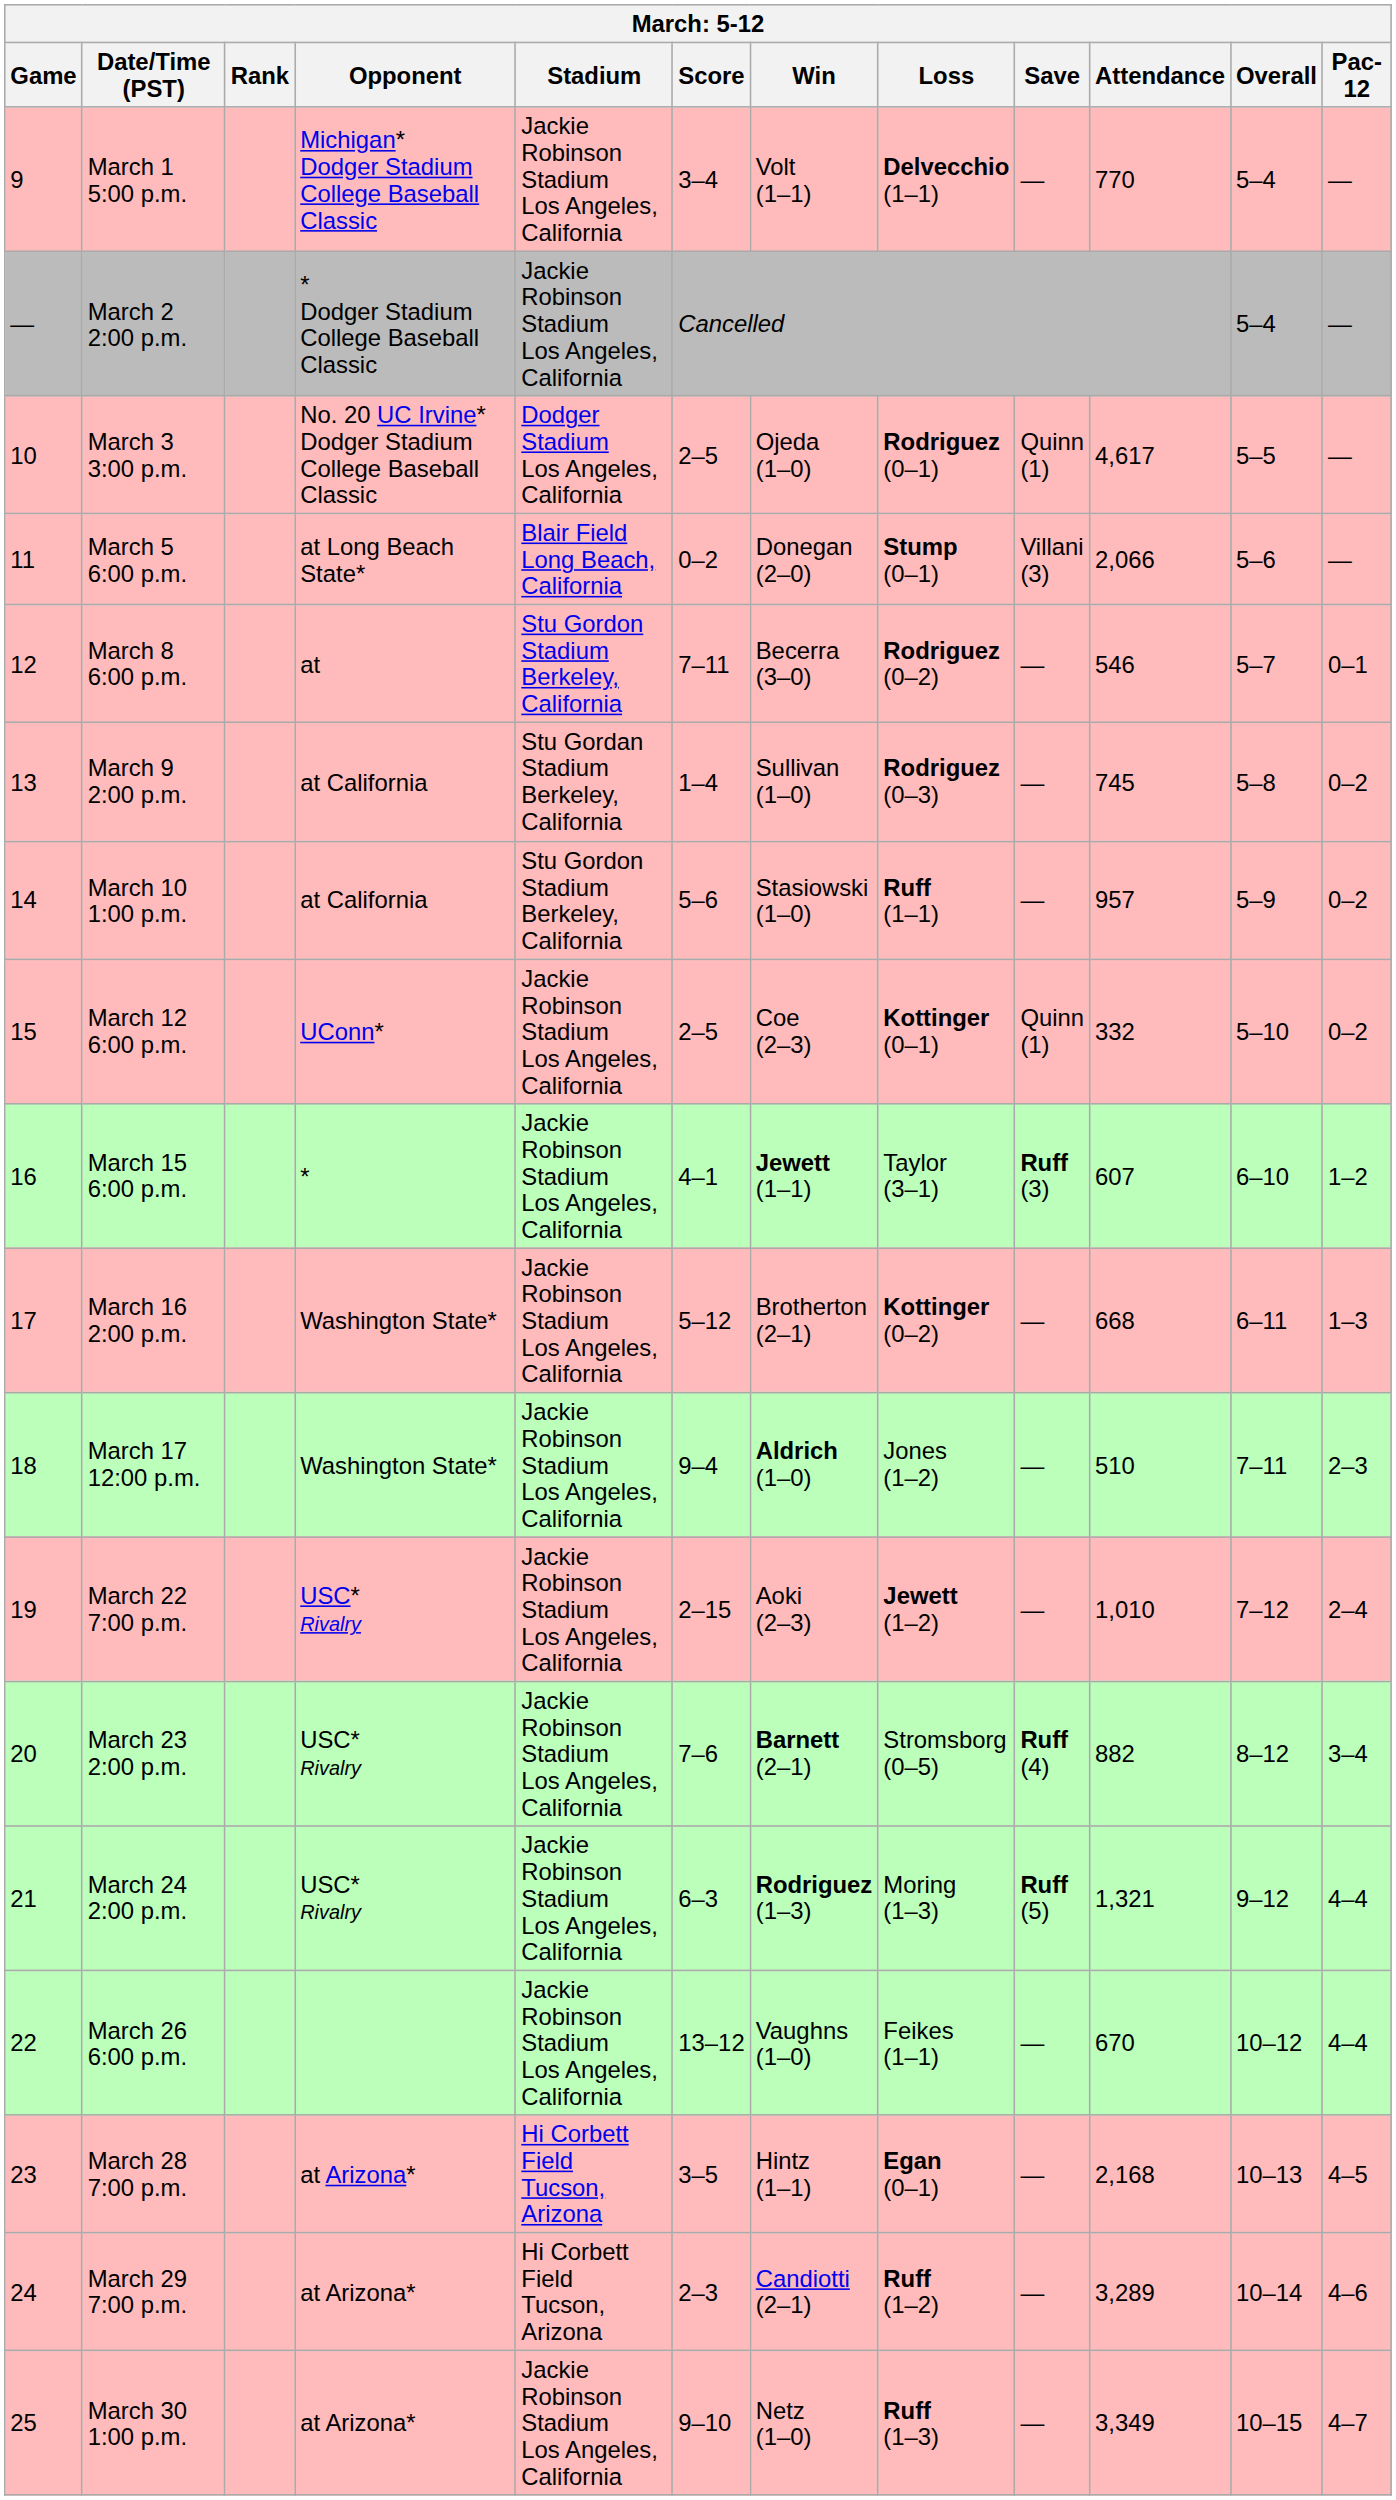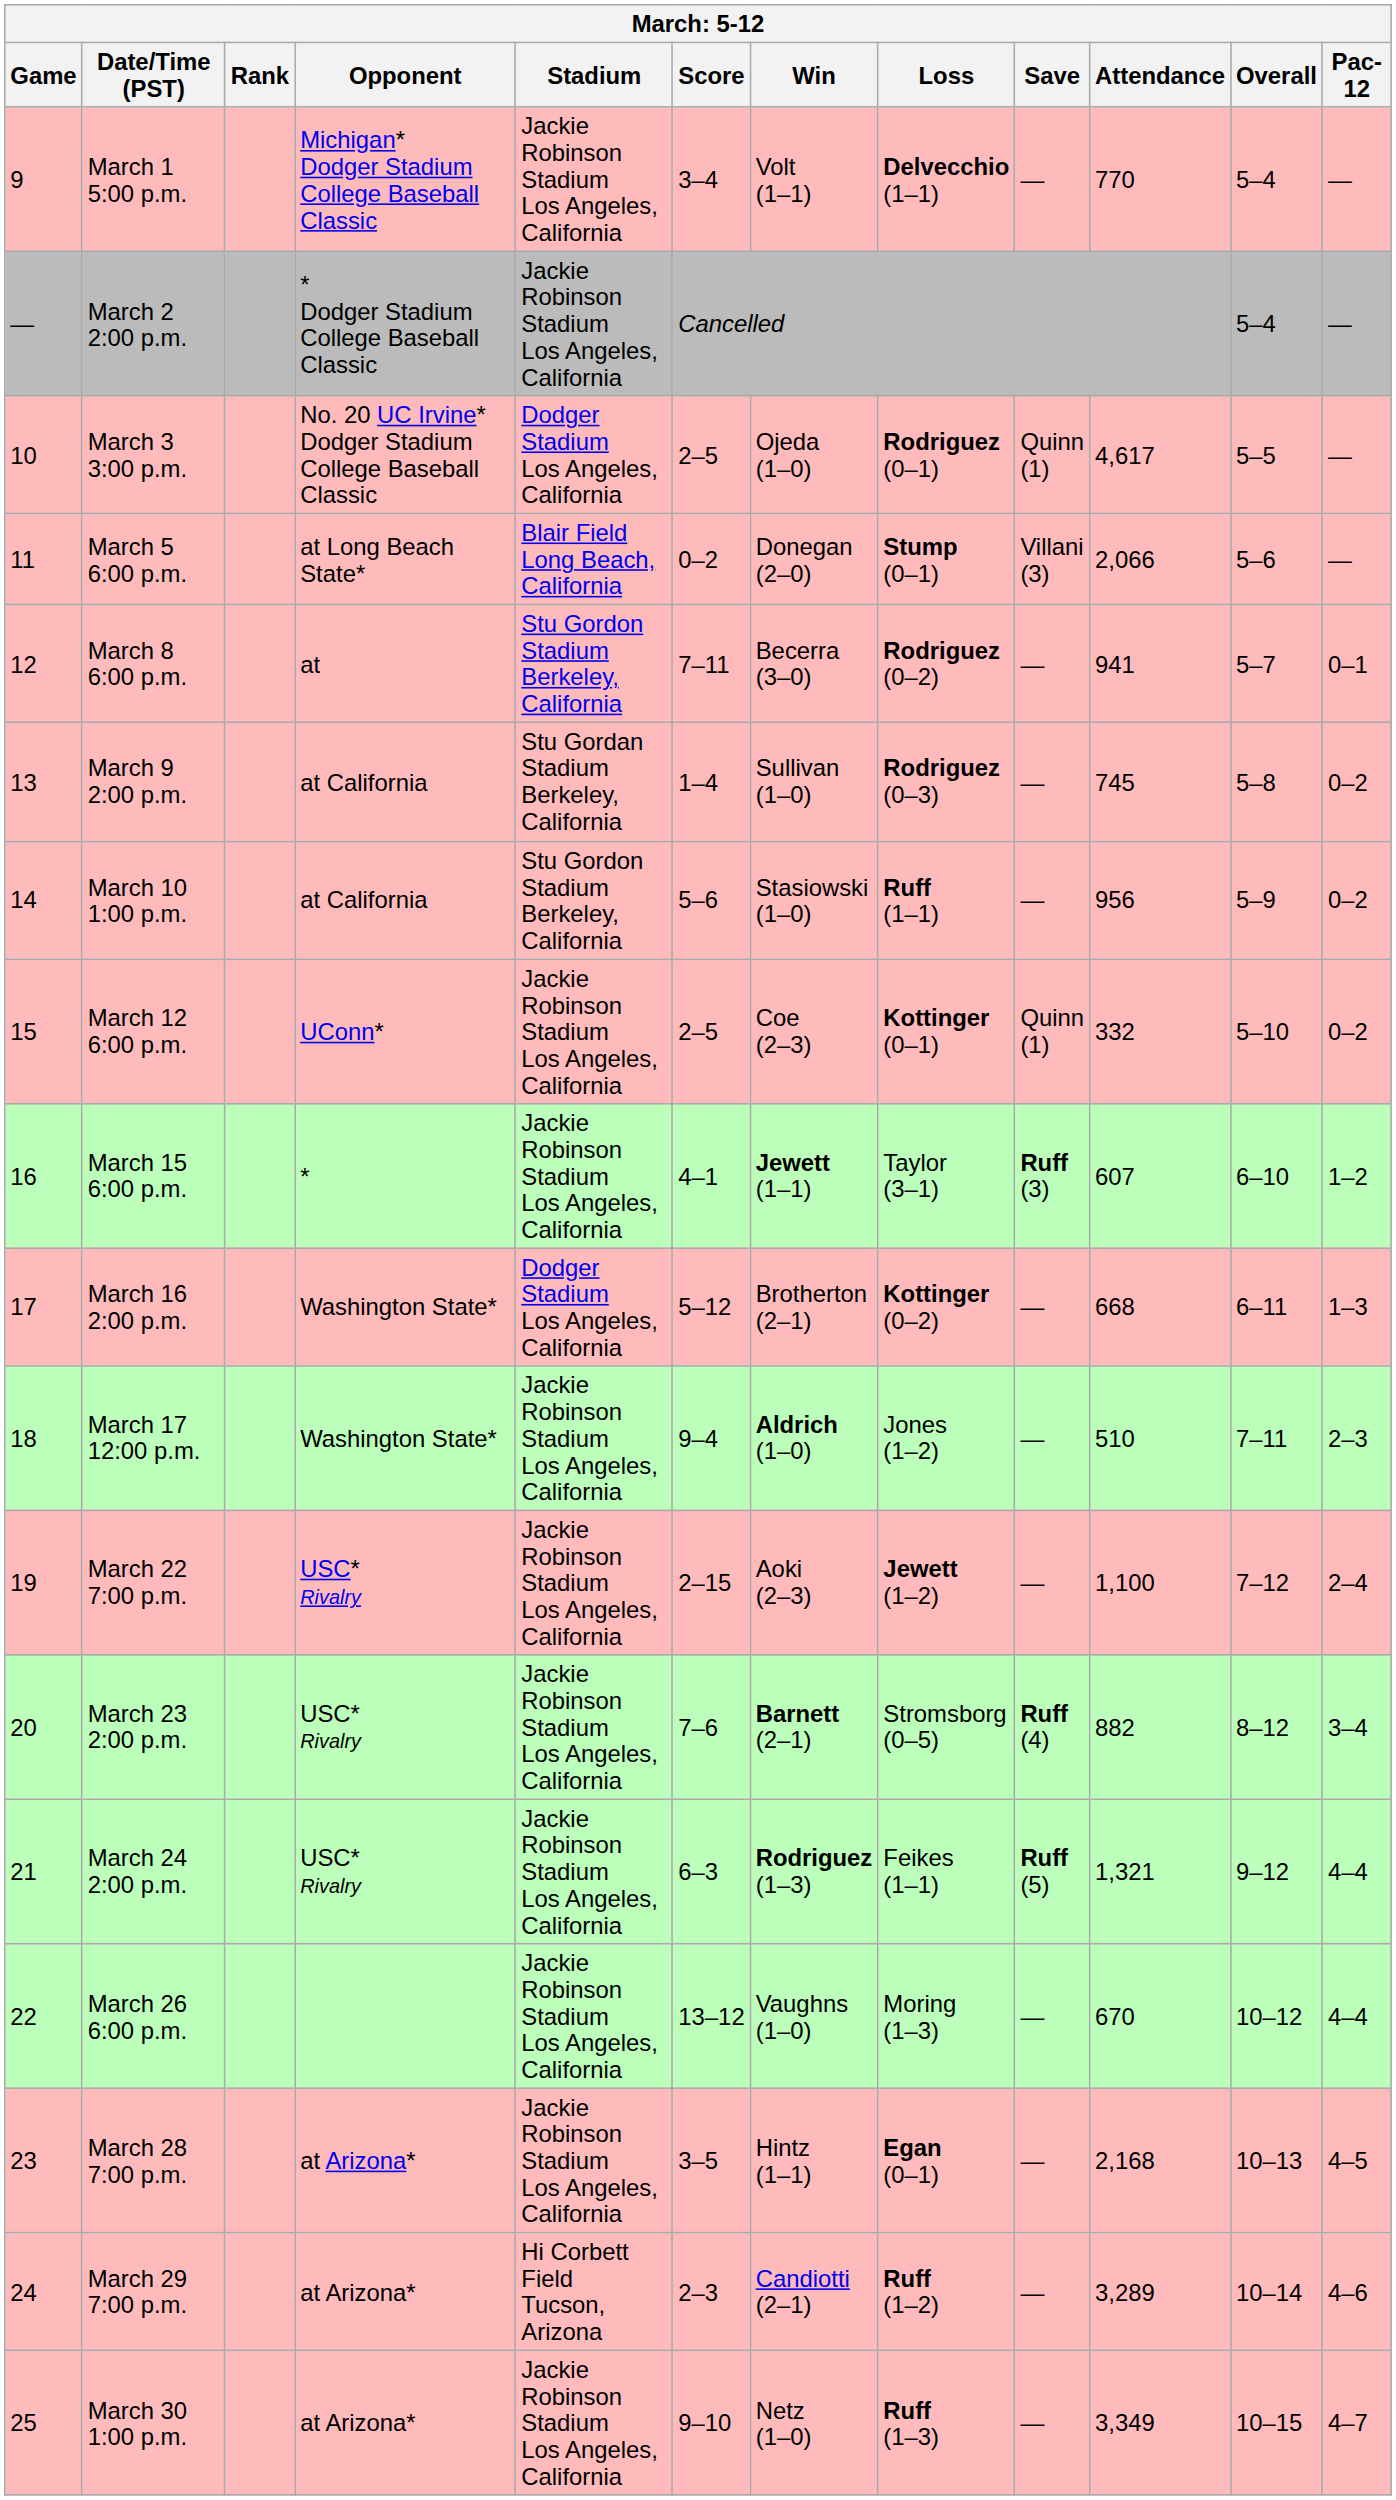 <table class="wikitable collapsible collapsed" style="margin:auto; font-size:95%; width:100%">
 <tr>
 <th colspan=12>March: 5-12</th>
 </tr>
 <tr>
 <th>Game</th>
 <th>Date/Time (PST)</th>
 <th>Rank</th>
 <th>Opponent</th>
 <th>Stadium</th>
 <th>Score</th>
 <th>Win</th>
 <th>Loss</th>
 <th>Save</th>
 <th>Attendance</th>
 <th>Overall</th>
 <th>Pac-12</th>
 </tr>
 <tr style="background:#fbb;">
 <td>9</td>
 <td>March 1<br>5:00 p.m.</td>
 <td></td>
 <td><a href='#'>Michigan</a>*<br><a href='#'>Dodger Stadium College Baseball Classic</a></td>
 <td>Jackie Robinson Stadium<br>Los Angeles, California</td>
 <td>3–4</td>
 <td>Volt<br>(1–1)</td>
 <td><strong>Delvecchio</strong><br>(1–1)</td>
 <td>—</td>
 <td>770</td>
 <td>5–4</td>
 <td>—</td>
 </tr>
 <tr style="background:#bbbbbb;">
 <td>—</td>
 <td>March 2<br>2:00 p.m.</td>
 <td></td>
 <td>*<br>Dodger Stadium College Baseball Classic</td>
 <td>Jackie Robinson Stadium<br>Los Angeles, California</td>
 <td colspan="5"><em>Cancelled</em> <br></td>
 <td>5–4</td>
 <td>—</td>
 </tr>
 <tr style="background:#fbb;">
 <td>10</td>
 <td>March 3<br>3:00 p.m.</td>
 <td></td>
 <td>No. 20 <a href='#'>UC Irvine</a>*<br>Dodger Stadium College Baseball Classic</td>
 <td><a href='#'>Dodger Stadium</a><br>Los Angeles, California</td>
 <td>2–5</td>
 <td>Ojeda <br>(1–0)</td>
 <td><strong>Rodriguez</strong> <br>(0–1)</td>
 <td>Quinn<br>(1)</td>
 <td>4,617</td>
 <td>5–5</td>
 <td>—</td>
 </tr>
 <tr style="background:#fbb;">
 <td>11</td>
 <td>March 5<br>6:00 p.m.</td>
 <td></td>
 <td>at Long Beach State*</td>
 <td><a href='#'>Blair Field</a><br><a href='#'>Long Beach, California</a></td>
 <td>0–2</td>
 <td>Donegan<br>(2–0)</td>
 <td><strong>Stump</strong><br>(0–1)</td>
 <td>Villani<br>(3)</td>
 <td>2,066</td>
 <td>5–6</td>
 <td>—</td>
 </tr>
 <tr style="background:#fbb;">
 <td>12</td>
 <td>March 8<br>6:00 p.m.</td>
 <td></td>
 <td>at </td>
 <td><a href='#'>Stu Gordon Stadium</a><br><a href='#'>Berkeley, California</a></td>
 <td>7–11</td>
 <td>Becerra<br>(3–0)</td>
 <td><strong>Rodriguez</strong><br>(0–2)</td>
 <td>—</td>
-<td>546</td>
+<td>941</td>
 <td>5–7</td>
 <td>0–1</td>
 </tr>
 <tr style="background:#fbb;">
 <td>13</td>
 <td>March 9<br>2:00 p.m.</td>
 <td></td>
 <td>at California</td>
 <td>Stu Gordan Stadium<br>Berkeley, California</td>
 <td>1–4</td>
 <td>Sullivan<br>(1–0)</td>
 <td><strong>Rodriguez</strong><br>(0–3)</td>
 <td>—</td>
 <td>745</td>
 <td>5–8</td>
 <td>0–2</td>
 </tr>
 <tr style="background:#fbb;">
 <td>14</td>
 <td>March 10<br>1:00 p.m.</td>
 <td></td>
 <td>at California</td>
 <td>Stu Gordon Stadium<br>Berkeley, California</td>
 <td>5–6</td>
 <td>Stasiowski<br>(1–0)</td>
 <td><strong>Ruff</strong><br>(1–1)</td>
 <td>—</td>
-<td>957</td>
+<td>956</td>
 <td>5–9</td>
 <td>0–2</td>
 </tr>
 <tr style="background:#fbb;">
 <td>15</td>
 <td>March 12<br>6:00 p.m.</td>
 <td></td>
 <td><a href='#'>UConn</a>*</td>
 <td>Jackie Robinson Stadium<br>Los Angeles, California</td>
 <td>2–5</td>
 <td>Coe<br>(2–3)</td>
 <td><strong>Kottinger</strong><br>(0–1)</td>
 <td>Quinn<br>(1)</td>
 <td>332</td>
 <td>5–10</td>
 <td>0–2</td>
 </tr>
 <tr style="background:#bfb;">
 <td>16</td>
 <td>March 15<br>6:00 p.m.</td>
 <td></td>
 <td>*</td>
 <td>Jackie Robinson Stadium<br>Los Angeles, California</td>
 <td>4–1</td>
 <td><strong>Jewett</strong><br>(1–1)</td>
 <td>Taylor<br>(3–1)</td>
 <td><strong>Ruff</strong><br>(3)</td>
 <td>607</td>
 <td>6–10</td>
 <td>1–2</td>
 </tr>
 <tr style="background:#fbb;">
 <td>17</td>
 <td>March 16<br>2:00 p.m.</td>
 <td></td>
 <td>Washington State*</td>
-<td>Jackie Robinson Stadium<br>Los Angeles, California</td>
+<td><a href='#'>Dodger Stadium</a><br>Los Angeles, California</td>
 <td>5–12</td>
 <td>Brotherton<br>(2–1)</td>
 <td><strong>Kottinger</strong><br>(0–2)</td>
 <td>—</td>
 <td>668</td>
 <td>6–11</td>
 <td>1–3</td>
 </tr>
 <tr style="background:#bfb;">
 <td>18</td>
 <td>March 17<br>12:00 p.m.</td>
 <td></td>
 <td>Washington State*</td>
 <td>Jackie Robinson Stadium<br>Los Angeles, California</td>
 <td>9–4</td>
 <td><strong>Aldrich</strong><br>(1–0)</td>
 <td>Jones<br>(1–2)</td>
 <td>—</td>
 <td>510</td>
 <td>7–11</td>
 <td>2–3</td>
 </tr>
 <tr style="background:#fbb;">
 <td>19</td>
 <td>March 22<br>7:00 p.m.</td>
 <td></td>
 <td><a href='#'>USC</a>*<br><em><small><a href='#'>Rivalry</a></small></em><br></td>
 <td>Jackie Robinson Stadium<br>Los Angeles, California</td>
 <td>2–15</td>
 <td>Aoki<br>(2–3)</td>
 <td><strong>Jewett</strong><br>(1–2)</td>
 <td>—</td>
-<td>1,010</td>
+<td>1,100</td>
 <td>7–12</td>
 <td>2–4</td>
 </tr>
 <tr style="background:#bfb;">
 <td>20</td>
 <td>March 23<br>2:00 p.m.</td>
 <td></td>
 <td>USC*<br><em><small>Rivalry</small></em><br></td>
 <td>Jackie Robinson Stadium<br>Los Angeles, California</td>
 <td>7–6</td>
 <td><strong>Barnett</strong><br>(2–1)</td>
 <td>Stromsborg<br>(0–5)</td>
 <td><strong>Ruff</strong><br>(4)</td>
 <td>882</td>
 <td>8–12</td>
 <td>3–4</td>
 </tr>
 <tr style="background:#bfb;">
 <td>21</td>
 <td>March 24<br>2:00 p.m.</td>
 <td></td>
 <td>USC*<br><em><small>Rivalry</small></em><br></td>
 <td>Jackie Robinson Stadium<br>Los Angeles, California</td>
 <td>6–3</td>
 <td><strong>Rodriguez</strong><br>(1–3)</td>
-<td>Moring <br>(1–3)</td>
+<td>Feikes<br>(1–1)</td>
 <td><strong>Ruff</strong><br>(5)</td>
 <td>1,321</td>
 <td>9–12</td>
 <td>4–4</td>
 </tr>
 <tr style="background:#bfb;">
 <td>22</td>
 <td>March 26<br>6:00 p.m.</td>
 <td></td>
 <td></td>
 <td>Jackie Robinson Stadium<br>Los Angeles, California</td>
 <td>13–12</td>
 <td>Vaughns<br>(1–0)</td>
-<td>Feikes<br>(1–1)</td>
+<td>Moring <br>(1–3)</td>
 <td>—</td>
 <td>670</td>
 <td>10–12</td>
 <td>4–4</td>
 </tr>
 <tr style="background:#fbb;">
 <td>23</td>
 <td>March 28<br>7:00 p.m.</td>
 <td></td>
 <td>at <a href='#'>Arizona</a>*</td>
-<td><a href='#'>Hi Corbett Field</a><br><a href='#'>Tucson, Arizona</a></td>
+<td>Jackie Robinson Stadium<br>Los Angeles, California</td>
 <td>3–5</td>
 <td>Hintz<br>(1–1)</td>
 <td><strong>Egan</strong> <br>(0–1)</td>
 <td>—</td>
 <td>2,168</td>
 <td>10–13</td>
 <td>4–5</td>
 </tr>
 <tr style="background:#fbb;">
 <td>24</td>
 <td>March 29<br>7:00 p.m.</td>
 <td></td>
 <td>at Arizona*</td>
 <td>Hi Corbett Field<br>Tucson, Arizona</td>
 <td>2–3</td>
 <td><a href='#'>Candiotti</a><br>(2–1)</td>
 <td><strong>Ruff</strong><br>(1–2)</td>
 <td>—</td>
 <td>3,289</td>
 <td>10–14</td>
 <td>4–6</td>
 </tr>
 <tr style="background:#fbb;">
 <td>25</td>
 <td>March 30<br>1:00 p.m.</td>
 <td></td>
 <td>at Arizona*</td>
 <td>Jackie Robinson Stadium<br>Los Angeles, California</td>
 <td>9–10</td>
 <td>Netz<br>(1–0)</td>
 <td><strong>Ruff</strong><br>(1–3)</td>
 <td>—</td>
 <td>3,349</td>
 <td>10–15</td>
 <td>4–7</td>
 </tr>
 </table>
